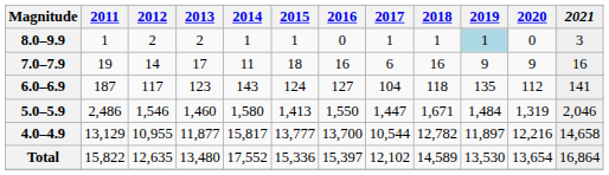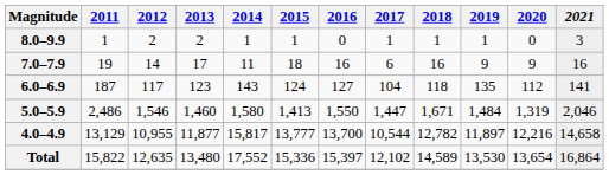 <table class="wikitable" style="text-align:center">
 <tr>
 <th>Magnitude</th>
 <th><a href='#'>2011</a></th>
 <th><a href='#'>2012</a></th>
 <th><a href='#'>2013</a></th>
 <th><a href='#'>2014</a></th>
 <th><a href='#'>2015</a></th>
 <th><a href='#'>2016</a></th>
 <th><a href='#'>2017</a></th>
 <th><a href='#'>2018</a></th>
 <th><a href='#'>2019</a></th>
 <th><a href='#'>2020</a></th>
 <th style="background:#efefef;"><em>2021</em></th>
 </tr>
 <tr>
 <th>8.0–9.9</th>
 <td>1</td>
 <td>2</td>
 <td>2</td>
 <td>1</td>
 <td>1</td>
 <td>0</td>
 <td>1</td>
 <td>1</td>
-<td style="background: lightblue;">1</td>
+<td>1</td>
 <td>0</td>
 <td style="background:#efefef;">3</td>
 </tr>
 <tr>
 <th>7.0–7.9</th>
 <td>19</td>
 <td>14</td>
 <td>17</td>
 <td>11</td>
 <td>18</td>
 <td>16</td>
 <td>6</td>
 <td>16</td>
 <td>9</td>
 <td>9</td>
 <td style="background:#efefef;">16</td>
 </tr>
 <tr>
 <th>6.0–6.9</th>
 <td>187</td>
 <td>117</td>
 <td>123</td>
 <td>143</td>
 <td>124</td>
 <td>127</td>
 <td>104</td>
 <td>118</td>
 <td>135</td>
 <td>112</td>
 <td style="background:#efefef;">141</td>
 </tr>
 <tr>
 <th>5.0–5.9</th>
 <td>2,486</td>
 <td>1,546</td>
 <td>1,460</td>
 <td>1,580</td>
 <td>1,413</td>
 <td>1,550</td>
 <td>1,447</td>
 <td>1,671</td>
 <td>1,484</td>
 <td>1,319</td>
 <td style="background:#efefef;">2,046</td>
 </tr>
 <tr>
 <th>4.0–4.9</th>
 <td>13,129</td>
 <td>10,955</td>
 <td>11,877</td>
 <td>15,817</td>
 <td>13,777</td>
 <td>13,700</td>
 <td>10,544</td>
 <td>12,782</td>
 <td>11,897</td>
 <td>12,216</td>
 <td style="background:#efefef;">14,658</td>
 </tr>
 <tr>
 <th>Total</th>
 <td>15,822</td>
 <td>12,635</td>
 <td>13,480</td>
 <td>17,552</td>
 <td>15,336</td>
 <td>15,397</td>
 <td>12,102</td>
 <td>14,589</td>
 <td>13,530</td>
 <td>13,654</td>
 <td style="background:#efefef;">16,864</td>
 </tr>
 <tr>
 </tr>
 </table>
